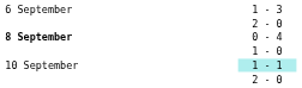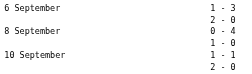 <table cellspacing="1" width="85%">
 <tr>
 <th width="15%"></th>
 <th width="25%"></th>
 <th width="10%"></th>
 <th width="25%"></th>
 <th width="25%"></th>
 </tr>
 <tr>
 <td>6 September</td>
 <td align="right"></td>
 <td align="center">1 - 3</td>
 <td></td>
 </tr>
 <tr>
 <td></td>
 <td align="right"></td>
 <td align="center">2 - 0</td>
 <td></td>
 </tr>
 <tr>
-<td><strong>8 September</strong></td>
+<td>8 September</td>
 <td align="right"></td>
 <td align="center">0 - 4</td>
 <td></td>
 </tr>
 <tr>
 <td></td>
 <td align="right"></td>
 <td align="center">1 - 0</td>
 <td></td>
 </tr>
 <tr>
 <td>10 September</td>
 <td align="right"></td>
-<td align="center" style="background: paleturquoise;">1 - 1</td>
+<td align="center">1 - 1</td>
 <td></td>
 </tr>
 <tr>
 <td></td>
 <td align="right"></td>
 <td align="center">2 - 0</td>
 <td></td>
 </tr>
 </table>
